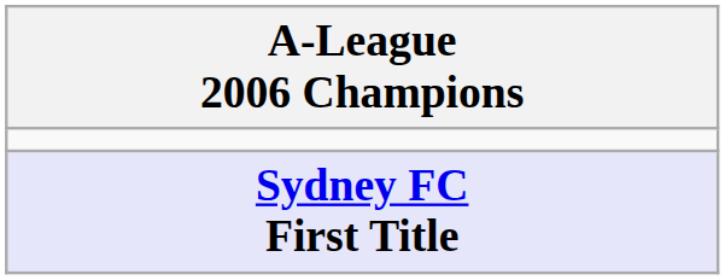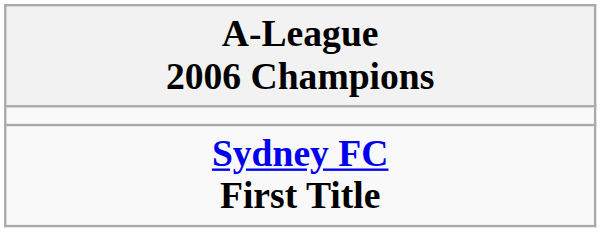 <table class="wikitable" style="text-align: center; margin: 0 auto; width: 20%">
 <tr>
 <th>A-League<br>2006 Champions</th>
 </tr>
 <tr>
 <td></td>
 </tr>
 <tr>
-<td style="background: lavender;"><strong><a href='#'>Sydney FC</a></strong><br><strong>First Title</strong></td>
+<td><strong><a href='#'>Sydney FC</a></strong><br><strong>First Title</strong></td>
 </tr>
 </table>
